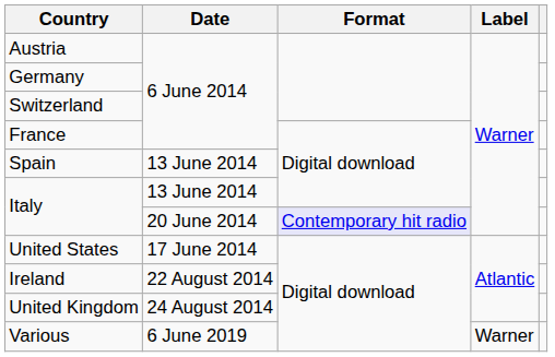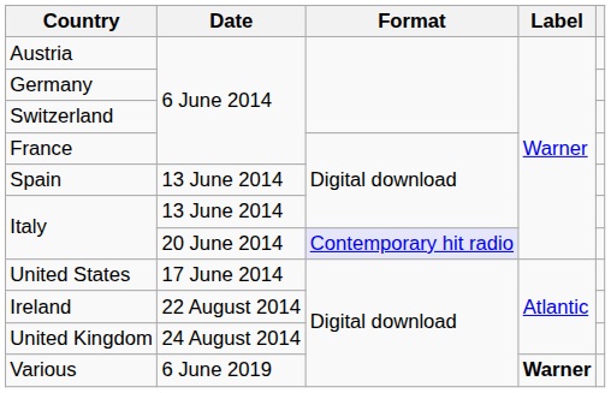 <table class="wikitable sortable plainrowheaders">
 <tr>
 <th scope="col">Country</th>
 <th scope="col">Date</th>
 <th scope="col">Format</th>
 <th scope="col">Label</th>
 <th scope="col"></th>
 </tr>
 <tr>
 <td>Austria</td>
 <td rowspan="4">6 June 2014</td>
 <td rowspan="3"></td>
 <td rowspan="7"><a href='#'>Warner</a></td>
 <td></td>
 </tr>
 <tr>
 <td>Germany</td>
 <td></td>
 </tr>
 <tr>
 <td>Switzerland</td>
 <td></td>
 </tr>
 <tr>
 <td>France</td>
 <td rowspan="3">Digital download</td>
 <td></td>
 </tr>
 <tr>
 <td>Spain</td>
 <td>13 June 2014</td>
 <td></td>
 </tr>
 <tr>
 <td rowspan="2">Italy</td>
 <td>13 June 2014</td>
 <td></td>
 </tr>
 <tr>
 <td>20 June 2014</td>
 <td style="background: lavender;"><a href='#'>Contemporary hit radio</a></td>
 <td></td>
 </tr>
 <tr>
 <td>United States</td>
 <td>17 June 2014</td>
 <td rowspan="4">Digital download</td>
 <td rowspan="3"><a href='#'>Atlantic</a></td>
 <td></td>
 </tr>
 <tr>
 <td>Ireland</td>
 <td>22 August 2014</td>
 <td></td>
 </tr>
 <tr>
 <td>United Kingdom</td>
 <td>24 August 2014</td>
 <td></td>
 </tr>
 <tr>
 <td>Various</td>
 <td>6 June 2019</td>
-<td>Warner</td>
+<td><strong>Warner</strong></td>
 <td></td>
 </tr>
 </table>
